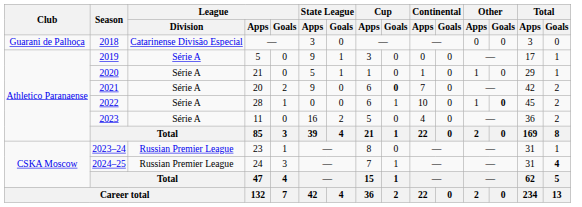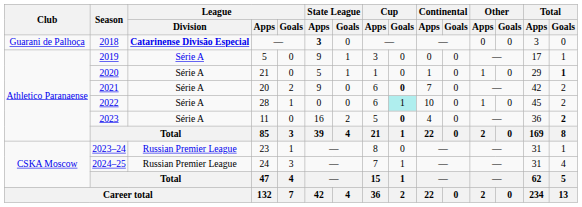 <table class="wikitable" style="text-align: center">
 <tr>
 <th rowspan="2">Club</th>
 <th rowspan="2">Season</th>
 <th colspan="3">League</th>
 <th colspan="2">State League</th>
 <th colspan="2">Cup</th>
 <th colspan="2">Continental</th>
 <th colspan="2">Other</th>
 <th colspan="2">Total</th>
 </tr>
 <tr>
 <th>Division</th>
 <th>Apps</th>
 <th>Goals</th>
 <th>Apps</th>
 <th>Goals</th>
 <th>Apps</th>
 <th>Goals</th>
 <th>Apps</th>
 <th>Goals</th>
 <th>Apps</th>
 <th>Goals</th>
 <th>Apps</th>
 <th>Goals</th>
 </tr>
 <tr>
 <td><a href='#'>Guarani de Palhoça</a></td>
 <td><a href='#'>2018</a></td>
-<td><a href='#'>Catarinense Divisão Especial</a></td>
+<td><strong><a href='#'>Catarinense Divisão Especial</a></strong></td>
 <td colspan="2">—</td>
-<td>3</td>
+<td><strong>3</strong></td>
 <td>0</td>
 <td colspan="2">—</td>
 <td colspan="2">—</td>
 <td>0</td>
 <td>0</td>
 <td>3</td>
 <td>0</td>
 </tr>
 <tr>
 <td rowspan="6"><a href='#'>Athletico Paranaense</a></td>
 <td><a href='#'>2019</a></td>
 <td><a href='#'>Série A</a></td>
 <td>5</td>
 <td>0</td>
 <td>9</td>
 <td>1</td>
 <td>3</td>
 <td>0</td>
 <td>0</td>
 <td>0</td>
 <td colspan="2">—</td>
 <td>17</td>
 <td>1</td>
 </tr>
 <tr>
 <td><a href='#'>2020</a></td>
 <td>Série A</td>
 <td>21</td>
 <td>0</td>
 <td>5</td>
 <td>1</td>
 <td>1</td>
 <td>0</td>
 <td>1</td>
 <td>0</td>
 <td>1</td>
 <td>0</td>
 <td>29</td>
-<td>1</td>
+<td><strong>1</strong></td>
 </tr>
 <tr>
 <td><a href='#'>2021</a></td>
 <td>Série A</td>
 <td>20</td>
 <td>2</td>
 <td>9</td>
 <td>0</td>
 <td>6</td>
 <td><strong>0</strong></td>
 <td>7</td>
 <td>0</td>
 <td colspan="2">—</td>
 <td>42</td>
 <td>2</td>
 </tr>
 <tr>
 <td><a href='#'>2022</a></td>
 <td>Série A</td>
 <td>28</td>
 <td>1</td>
 <td>0</td>
 <td>0</td>
 <td>6</td>
-<td>1</td>
+<td style="background: paleturquoise;">1</td>
 <td>10</td>
 <td>0</td>
 <td>1</td>
-<td><strong>0</strong></td>
+<td>0</td>
 <td>45</td>
 <td>2</td>
 </tr>
 <tr>
 <td><a href='#'>2023</a></td>
 <td>Série A</td>
 <td>11</td>
 <td>0</td>
 <td>16</td>
 <td>2</td>
 <td>5</td>
-<td>0</td>
+<td><strong>0</strong></td>
 <td>4</td>
 <td>0</td>
 <td colspan="2">—</td>
 <td>36</td>
-<td>2</td>
+<td><strong>2</strong></td>
 </tr>
 <tr>
 <th colspan="2">Total</th>
 <th>85</th>
 <th>3</th>
 <th>39</th>
 <th>4</th>
 <th>21</th>
 <th>1</th>
 <th>22</th>
 <th>0</th>
 <th>2</th>
 <th>0</th>
 <th>169</th>
 <th>8</th>
 </tr>
 <tr>
 <td rowspan="3"><a href='#'>CSKA Moscow</a></td>
 <td><a href='#'>2023–24</a></td>
 <td><a href='#'>Russian Premier League</a></td>
 <td>23</td>
 <td>1</td>
 <td colspan="2">—</td>
 <td>8</td>
 <td>0</td>
 <td colspan="2">—</td>
 <td colspan="2">—</td>
 <td>31</td>
 <td>1</td>
 </tr>
 <tr>
 <td><a href='#'>2024–25</a></td>
 <td>Russian Premier League</td>
 <td>24</td>
 <td>3</td>
 <td colspan="2">—</td>
 <td>7</td>
 <td>1</td>
 <td colspan="2">—</td>
 <td colspan="2">—</td>
 <td>31</td>
-<td><strong>4</strong></td>
+<td>4</td>
 </tr>
 <tr>
 <th colspan="2">Total</th>
 <th>47</th>
 <th>4</th>
 <th colspan="2">—</th>
 <th>15</th>
 <th>1</th>
 <th colspan="2">—</th>
 <th colspan="2">—</th>
 <th>62</th>
 <th>5</th>
 </tr>
 <tr>
 <th colspan="3"><strong>Career total</strong></th>
 <th>132</th>
 <th>7</th>
 <th>42</th>
 <th>4</th>
 <th>36</th>
 <th>2</th>
 <th>22</th>
 <th>0</th>
 <th>2</th>
 <th>0</th>
 <th>234</th>
 <th>13</th>
 </tr>
 </table>
